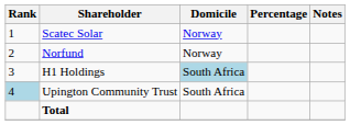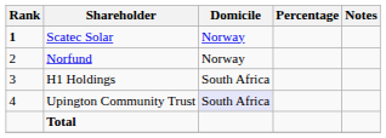 <table class="wikitable sortable" style="margin: 0.5em auto">
 <tr>
 <th>Rank</th>
 <th>Shareholder</th>
 <th>Domicile</th>
 <th>Percentage</th>
 <th>Notes</th>
 </tr>
 <tr>
-<td>1</td>
+<td><strong>1</strong></td>
 <td><a href='#'>Scatec Solar</a></td>
 <td><a href='#'>Norway</a></td>
 <td></td>
 <td></td>
 </tr>
 <tr>
 <td>2</td>
 <td><a href='#'>Norfund</a></td>
 <td>Norway</td>
 <td></td>
 <td></td>
 </tr>
 <tr>
 <td>3</td>
 <td>H1 Holdings</td>
-<td style="background: lightblue;">South Africa</td>
+<td>South Africa</td>
 <td></td>
 <td></td>
 </tr>
 <tr>
-<td style="background: lightblue;">4</td>
+<td>4</td>
 <td>Upington Community Trust</td>
-<td>South Africa</td>
+<td style="background: lavender;">South Africa</td>
 <td></td>
 <td></td>
 </tr>
 <tr>
 <td></td>
 <td><strong>Total</strong></td>
 <td></td>
 <td></td>
 <td></td>
 </tr>
 <tr>
 </tr>
 </table>
